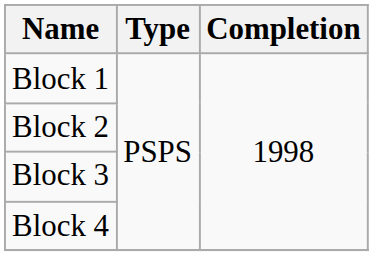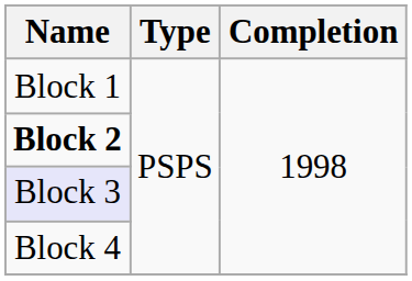 <table class="wikitable" style="text-align: center">
 <tr>
 <th>Name</th>
 <th>Type</th>
 <th>Completion</th>
 </tr>
 <tr>
 <td>Block 1</td>
 <td rowspan="4">PSPS</td>
 <td rowspan="4">1998</td>
 </tr>
 <tr>
-<td>Block 2</td>
+<td><strong>Block 2</strong></td>
 </tr>
 <tr>
-<td>Block 3</td>
+<td style="background: lavender;">Block 3</td>
 </tr>
 <tr>
 <td>Block 4</td>
 </tr>
 <tr>
 </tr>
 </table>
